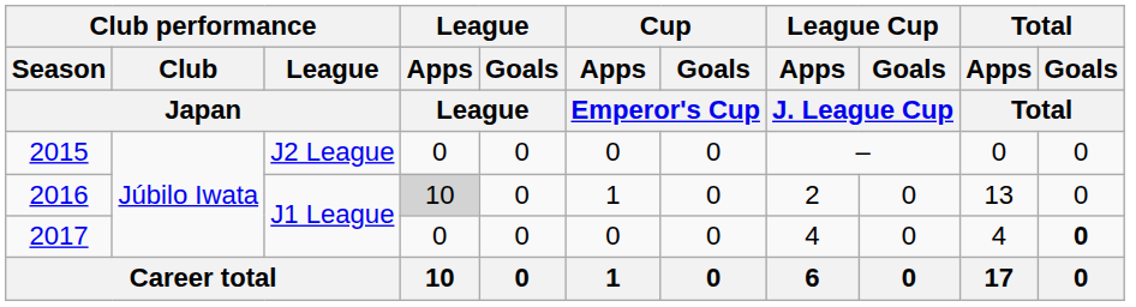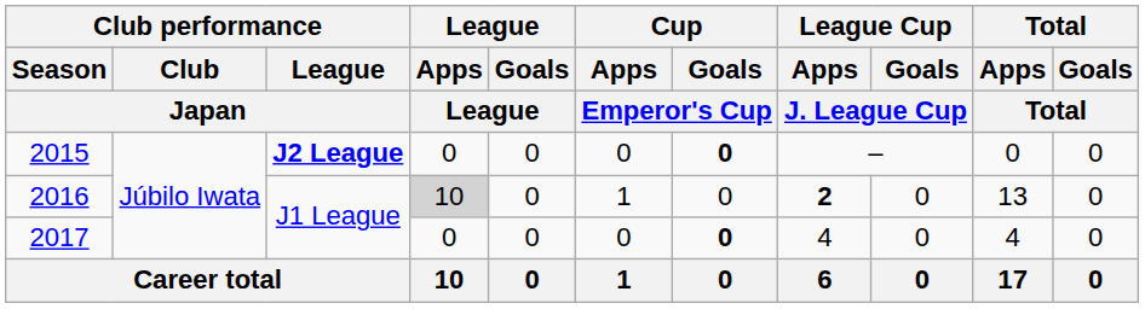 <table class="wikitable" style="text-align:center">
 <tr>
 <th colspan=3>Club performance</th>
 <th colspan=2>League</th>
 <th colspan=2>Cup</th>
 <th colspan=2>League Cup</th>
 <th colspan=2>Total</th>
 </tr>
 <tr>
 <th>Season</th>
 <th>Club</th>
 <th>League</th>
 <th>Apps</th>
 <th>Goals</th>
 <th>Apps</th>
 <th>Goals</th>
 <th>Apps</th>
 <th>Goals</th>
 <th>Apps</th>
 <th>Goals</th>
 </tr>
 <tr>
 <th colspan=3>Japan</th>
 <th colspan=2>League</th>
 <th colspan=2><a href='#'>Emperor's Cup</a></th>
 <th colspan=2><a href='#'>J. League Cup</a></th>
 <th colspan=2>Total</th>
 </tr>
 <tr>
 <td><a href='#'>2015</a></td>
 <td rowspan="3"><a href='#'>Júbilo Iwata</a></td>
-<td rowspan="1"><a href='#'>J2 League</a></td>
+<td rowspan="1"><strong><a href='#'>J2 League</a></strong></td>
 <td>0</td>
 <td>0</td>
 <td>0</td>
-<td>0</td>
+<td><strong>0</strong></td>
 <td colspan="2">–</td>
 <td>0</td>
 <td>0</td>
 </tr>
 <tr>
 <td><a href='#'>2016</a></td>
 <td rowspan="2"><a href='#'>J1 League</a></td>
 <td style="background: lightgrey;">10</td>
 <td>0</td>
 <td>1</td>
 <td>0</td>
-<td>2</td>
+<td><strong>2</strong></td>
 <td>0</td>
 <td>13</td>
 <td>0</td>
 </tr>
 <tr>
 <td><a href='#'>2017</a></td>
 <td>0</td>
 <td>0</td>
 <td>0</td>
+<td><strong>0</strong></td>
+<td>4</td>
 <td>0</td>
 <td>4</td>
 <td>0</td>
-<td>4</td>
-<td><strong>0</strong></td>
 </tr>
 <tr>
 <th colspan=3>Career total</th>
 <th>10</th>
 <th>0</th>
 <th>1</th>
 <th>0</th>
 <th>6</th>
 <th>0</th>
 <th>17</th>
 <th>0</th>
 </tr>
 </table>
